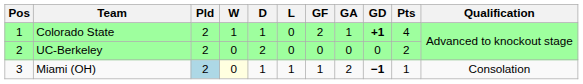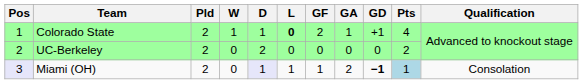 <table class="wikitable" style="text-align:center; margin: 1em auto">
 <tr>
 <th style="width:2em">Pos</th>
 <th style="width:13em">Team</th>
 <th style="width:2em">Pld</th>
 <th style="width:2em">W</th>
 <th style="width:2em">D</th>
 <th style="width:2em">L</th>
 <th style="width:2em">GF</th>
 <th style="width:2em">GA</th>
 <th style="width:2em">GD</th>
 <th style="width:2em">Pts</th>
 <th style="width:13em">Qualification</th>
 </tr>
 <tr bgcolor="#9eff9e">
 <td>1</td>
 <td style="text-align:left">Colorado State</td>
 <td>2</td>
 <td>1</td>
 <td>1</td>
-<td>0</td>
+<td><strong>0</strong></td>
 <td>2</td>
 <td>1</td>
-<td><strong>+1</strong></td>
+<td>+1</td>
 <td>4</td>
 <td rowspan="2">Advanced to knockout stage</td>
 </tr>
 <tr bgcolor="#9eff9e">
 <td>2</td>
 <td style="text-align:left">UC-Berkeley</td>
 <td>2</td>
 <td>0</td>
 <td>2</td>
 <td>0</td>
 <td>0</td>
 <td>0</td>
 <td>0</td>
 <td>2</td>
 </tr>
 <tr>
-<td>3</td>
+<td style="background: lavender;">3</td>
 <td style="text-align:left">Miami (OH)</td>
-<td style="background: lightblue;">2</td>
-<td style="background: lightyellow;">0</td>
-<td>1</td>
+<td>2</td>
+<td>0</td>
+<td style="background: lavender;">1</td>
 <td>1</td>
 <td>1</td>
 <td>2</td>
 <td><strong>−1</strong></td>
-<td>1</td>
+<td style="background: lightblue;">1</td>
 <td>Consolation</td>
 </tr>
 </table>
